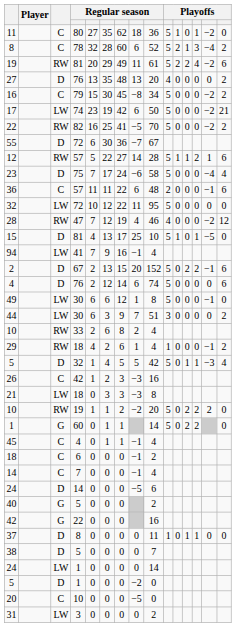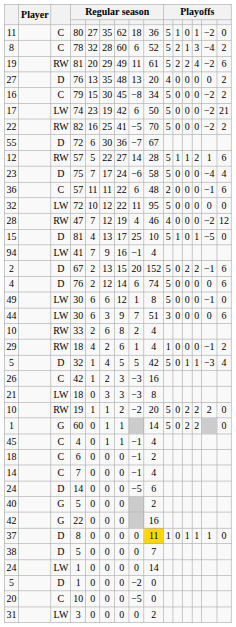 <table class="wikitable sortable plainrowheaders" style="text-align:center;">
 <tr>
 <th scope="col" data-sort-type="number" rowspan="2"></th>
 <th scope="col" rowspan="2">Player</th>
 <th scope="col" rowspan="2"></th>
 <th scope=colgroup colspan=6>Regular season</th>
 <th scope=colgroup colspan=6>Playoffs</th>
 </tr>
 <tr>
 <th scope="col" data-sort-type="number"></th>
 <th scope="col" data-sort-type="number"></th>
 <th scope="col" data-sort-type="number"></th>
 <th scope="col" data-sort-type="number"></th>
 <th scope="col" data-sort-type="number"></th>
 <th scope="col" data-sort-type="number"></th>
 <th scope="col" data-sort-type="number"></th>
 <th scope="col" data-sort-type="number"></th>
 <th scope="col" data-sort-type="number"></th>
 <th scope="col" data-sort-type="number"></th>
 <th scope="col" data-sort-type="number"></th>
 <th scope="col" data-sort-type="number"></th>
 </tr>
 <tr>
 <td scope="row">11</td>
 <td align="left"></td>
 <td>C</td>
 <td>80</td>
 <td>27</td>
 <td>35</td>
 <td>62</td>
 <td>18</td>
 <td>36</td>
 <td>5</td>
 <td>1</td>
 <td>0</td>
 <td>1</td>
 <td>−2</td>
 <td>0</td>
 </tr>
 <tr>
 <td scope="row">8</td>
 <td align="left"></td>
 <td>C</td>
 <td>78</td>
 <td>32</td>
 <td>28</td>
 <td>60</td>
 <td>6</td>
 <td>52</td>
 <td>5</td>
 <td>2</td>
 <td>1</td>
 <td>3</td>
 <td>−4</td>
 <td>2</td>
 </tr>
 <tr>
 <td scope="row">19</td>
 <td align="left"></td>
 <td>RW</td>
 <td>81</td>
 <td>20</td>
 <td>29</td>
 <td>49</td>
 <td>11</td>
 <td>61</td>
 <td>5</td>
 <td>2</td>
 <td>2</td>
 <td>4</td>
 <td>−2</td>
 <td>6</td>
 </tr>
 <tr>
 <td scope="row">27</td>
 <td align="left"></td>
 <td>D</td>
 <td>76</td>
 <td>13</td>
 <td>35</td>
 <td>48</td>
 <td>13</td>
 <td>20</td>
 <td>4</td>
 <td>0</td>
 <td>0</td>
 <td>0</td>
 <td>0</td>
 <td>2</td>
 </tr>
 <tr>
 <td scope="row">16</td>
 <td align="left"></td>
 <td>C</td>
 <td>79</td>
 <td>15</td>
 <td>30</td>
 <td>45</td>
 <td>−8</td>
 <td>34</td>
 <td>5</td>
 <td>0</td>
 <td>0</td>
 <td>0</td>
 <td>−2</td>
 <td>2</td>
 </tr>
 <tr>
 <td scope="row">17</td>
 <td align="left"></td>
 <td>LW</td>
 <td>74</td>
 <td>23</td>
 <td>19</td>
 <td>42</td>
 <td>6</td>
 <td>50</td>
 <td>5</td>
 <td>0</td>
 <td>0</td>
 <td>0</td>
 <td>−2</td>
 <td>21</td>
 </tr>
 <tr>
 <td scope="row">22</td>
 <td align="left"></td>
 <td>RW</td>
 <td>82</td>
 <td>16</td>
 <td>25</td>
 <td>41</td>
 <td>−5</td>
 <td>70</td>
 <td>5</td>
 <td>0</td>
 <td>0</td>
 <td>0</td>
 <td>−2</td>
 <td>2</td>
 </tr>
 <tr>
 <td scope="row">55</td>
 <td align="left"></td>
 <td>D</td>
 <td>72</td>
 <td>6</td>
 <td>30</td>
 <td>36</td>
 <td>−7</td>
 <td>67</td>
 <td></td>
 <td></td>
 <td></td>
 <td></td>
 <td></td>
 <td></td>
 </tr>
 <tr>
 <td scope="row">12</td>
 <td align="left"></td>
 <td>RW</td>
 <td>57</td>
 <td>5</td>
 <td>22</td>
 <td>27</td>
 <td>14</td>
 <td>28</td>
 <td>5</td>
 <td>1</td>
 <td>1</td>
 <td>2</td>
 <td>1</td>
 <td>6</td>
 </tr>
 <tr>
 <td scope="row">23</td>
 <td align="left"></td>
 <td>D</td>
 <td>75</td>
 <td>7</td>
 <td>17</td>
 <td>24</td>
 <td>−6</td>
 <td>58</td>
 <td>5</td>
 <td>0</td>
 <td>0</td>
 <td>0</td>
 <td>−4</td>
 <td>4</td>
 </tr>
 <tr>
 <td scope="row">36</td>
 <td align="left"></td>
 <td>C</td>
 <td>57</td>
 <td>11</td>
 <td>11</td>
 <td>22</td>
 <td>6</td>
 <td>48</td>
 <td>2</td>
 <td>0</td>
 <td>0</td>
 <td>0</td>
 <td>−1</td>
 <td>6</td>
 </tr>
 <tr>
 <td scope="row">32</td>
 <td align="left"></td>
 <td>LW</td>
 <td>72</td>
 <td>10</td>
 <td>12</td>
 <td>22</td>
 <td>11</td>
 <td>95</td>
 <td>5</td>
 <td>0</td>
 <td>0</td>
 <td>0</td>
 <td>0</td>
 <td>0</td>
 </tr>
 <tr>
 <td scope="row">28</td>
 <td align="left"></td>
 <td>RW</td>
 <td>47</td>
 <td>7</td>
 <td>12</td>
 <td>19</td>
 <td>4</td>
 <td>46</td>
 <td>4</td>
 <td>0</td>
 <td>0</td>
 <td>0</td>
 <td>−2</td>
 <td>12</td>
 </tr>
 <tr>
 <td scope="row">15</td>
 <td align="left"></td>
 <td>D</td>
 <td>81</td>
 <td>4</td>
 <td>13</td>
 <td>17</td>
 <td>25</td>
 <td>10</td>
 <td>5</td>
 <td>1</td>
 <td>0</td>
 <td>1</td>
 <td>−5</td>
 <td>0</td>
 </tr>
 <tr>
 <td scope="row">94</td>
 <td align="left"></td>
 <td>LW</td>
 <td>41</td>
 <td>7</td>
 <td>9</td>
 <td>16</td>
 <td>−1</td>
 <td>4</td>
 <td></td>
 <td></td>
 <td></td>
 <td></td>
 <td></td>
 <td></td>
 </tr>
 <tr>
 <td scope="row">2</td>
 <td align="left"></td>
 <td>D</td>
 <td>67</td>
 <td>2</td>
 <td>13</td>
 <td>15</td>
 <td>20</td>
 <td>152</td>
 <td>5</td>
 <td>0</td>
 <td>2</td>
 <td>2</td>
 <td>−1</td>
 <td>6</td>
 </tr>
 <tr>
 <td scope="row">4</td>
 <td align="left"></td>
 <td>D</td>
 <td>76</td>
 <td>2</td>
 <td>12</td>
 <td>14</td>
 <td>6</td>
 <td>74</td>
 <td>5</td>
 <td>0</td>
 <td>0</td>
 <td>0</td>
 <td>0</td>
 <td>6</td>
 </tr>
 <tr>
 <td scope="row">49</td>
 <td align="left"></td>
 <td>LW</td>
 <td>30</td>
 <td>6</td>
 <td>6</td>
 <td>12</td>
 <td>1</td>
 <td>8</td>
 <td>5</td>
 <td>0</td>
 <td>0</td>
 <td>0</td>
 <td>−1</td>
 <td>0</td>
 </tr>
 <tr>
 <td scope="row">44</td>
 <td align="left"></td>
 <td>LW</td>
 <td>30</td>
 <td>6</td>
 <td>3</td>
 <td>9</td>
 <td>7</td>
 <td>51</td>
 <td>3</td>
 <td>0</td>
 <td>0</td>
 <td>0</td>
 <td>0</td>
-<td>2</td>
+<td>6</td>
 </tr>
 <tr>
 <td scope="row">10</td>
 <td align="left"></td>
 <td>RW</td>
 <td>33</td>
 <td>2</td>
 <td>6</td>
 <td>8</td>
 <td>2</td>
 <td>4</td>
 <td></td>
 <td></td>
 <td></td>
 <td></td>
 <td></td>
 <td></td>
 </tr>
 <tr>
 <td scope="row">29</td>
 <td align="left"></td>
 <td>RW</td>
 <td>18</td>
 <td>4</td>
 <td>2</td>
 <td>6</td>
 <td>1</td>
 <td>4</td>
 <td>1</td>
 <td>0</td>
 <td>0</td>
 <td>0</td>
 <td>−1</td>
 <td>2</td>
 </tr>
 <tr>
 <td scope="row">5</td>
 <td align="left"></td>
 <td>D</td>
 <td>32</td>
 <td>1</td>
 <td>4</td>
 <td>5</td>
 <td>5</td>
 <td>42</td>
 <td>5</td>
 <td>0</td>
 <td>1</td>
 <td>1</td>
 <td>−3</td>
 <td>4</td>
 </tr>
 <tr>
 <td scope="row">26</td>
 <td align="left"></td>
 <td>C</td>
 <td>42</td>
 <td>1</td>
 <td>2</td>
 <td>3</td>
 <td>−3</td>
 <td>16</td>
 <td></td>
 <td></td>
 <td></td>
 <td></td>
 <td></td>
 <td></td>
 </tr>
 <tr>
 <td scope="row">21</td>
 <td align="left"></td>
 <td>LW</td>
 <td>18</td>
 <td>0</td>
 <td>3</td>
 <td>3</td>
 <td>−3</td>
 <td>8</td>
 <td></td>
 <td></td>
 <td></td>
 <td></td>
 <td></td>
 <td></td>
 </tr>
 <tr>
 <td scope="row">10</td>
 <td align="left"></td>
 <td>RW</td>
 <td>19</td>
 <td>1</td>
 <td>1</td>
 <td>2</td>
 <td>−2</td>
 <td>20</td>
 <td>5</td>
 <td>0</td>
 <td>2</td>
 <td>2</td>
 <td>2</td>
 <td>0</td>
 </tr>
 <tr>
 <td scope="row">1</td>
 <td align="left"></td>
 <td>G</td>
 <td>60</td>
 <td>0</td>
 <td>1</td>
 <td>1</td>
 <td style="background:#ccc"></td>
 <td>14</td>
 <td>5</td>
 <td>0</td>
 <td>2</td>
 <td>2</td>
 <td style="background:#ccc"></td>
 <td>0</td>
 </tr>
 <tr>
 <td scope="row">45</td>
 <td align="left"></td>
 <td>C</td>
 <td>4</td>
 <td>0</td>
 <td>1</td>
 <td>1</td>
 <td>−1</td>
 <td>4</td>
 <td></td>
 <td></td>
 <td></td>
 <td></td>
 <td></td>
 <td></td>
 </tr>
 <tr>
 <td scope="row">18</td>
 <td align="left"></td>
 <td>C</td>
 <td>6</td>
 <td>0</td>
 <td>0</td>
 <td>0</td>
 <td>−1</td>
 <td>2</td>
 <td></td>
 <td></td>
 <td></td>
 <td></td>
 <td></td>
 <td></td>
 </tr>
 <tr>
 <td scope="row">14</td>
 <td align="left"></td>
 <td>C</td>
 <td>7</td>
 <td>0</td>
 <td>0</td>
 <td>0</td>
 <td>−1</td>
 <td>4</td>
 <td></td>
 <td></td>
 <td></td>
 <td></td>
 <td></td>
 <td></td>
 </tr>
 <tr>
 <td scope="row">24</td>
 <td align="left"></td>
 <td>D</td>
 <td>14</td>
 <td>0</td>
 <td>0</td>
 <td>0</td>
 <td>−5</td>
 <td>6</td>
 <td></td>
 <td></td>
 <td></td>
 <td></td>
 <td></td>
 <td></td>
 </tr>
 <tr>
 <td scope="row">40</td>
 <td align="left"></td>
 <td>G</td>
 <td>5</td>
 <td>0</td>
 <td>0</td>
 <td>0</td>
 <td style="background:#ccc"></td>
 <td>2</td>
 <td></td>
 <td></td>
 <td></td>
 <td></td>
 <td></td>
 <td></td>
 </tr>
 <tr>
 <td scope="row">42</td>
 <td align="left"></td>
 <td>G</td>
 <td>22</td>
 <td>0</td>
 <td>0</td>
 <td>0</td>
 <td style="background:#ccc"></td>
 <td>16</td>
 <td></td>
 <td></td>
 <td></td>
 <td></td>
 <td></td>
 <td></td>
 </tr>
 <tr>
 <td scope="row">37</td>
 <td align="left"></td>
 <td>D</td>
 <td>8</td>
 <td>0</td>
 <td>0</td>
 <td>0</td>
 <td>0</td>
-<td>11</td>
+<td style="background: gold;">11</td>
 <td>1</td>
 <td>0</td>
 <td>1</td>
 <td>1</td>
-<td>0</td>
+<td>1</td>
 <td>0</td>
 </tr>
 <tr>
 <td scope="row">38</td>
 <td align="left"></td>
 <td>D</td>
 <td>5</td>
 <td>0</td>
 <td>0</td>
 <td>0</td>
 <td>0</td>
 <td>7</td>
 <td></td>
 <td></td>
 <td></td>
 <td></td>
 <td></td>
 <td></td>
 </tr>
 <tr>
 <td scope="row">24</td>
 <td align="left"></td>
 <td>LW</td>
 <td>1</td>
 <td>0</td>
 <td>0</td>
 <td>0</td>
 <td>0</td>
 <td>14</td>
 <td></td>
 <td></td>
 <td></td>
 <td></td>
 <td></td>
 <td></td>
 </tr>
 <tr>
 <td scope="row">5</td>
 <td align="left"></td>
 <td>D</td>
 <td>1</td>
 <td>0</td>
 <td>0</td>
 <td>0</td>
 <td>−2</td>
 <td>0</td>
 <td></td>
 <td></td>
 <td></td>
 <td></td>
 <td></td>
 <td></td>
 </tr>
 <tr>
 <td scope="row">20</td>
 <td align="left"></td>
 <td>C</td>
 <td>10</td>
 <td>0</td>
 <td>0</td>
 <td>0</td>
 <td>−5</td>
 <td>0</td>
 <td></td>
 <td></td>
 <td></td>
 <td></td>
 <td></td>
 <td></td>
 </tr>
 <tr>
 <td scope="row">31</td>
 <td align="left"></td>
 <td>LW</td>
 <td>3</td>
 <td>0</td>
 <td>0</td>
 <td>0</td>
 <td>0</td>
 <td>2</td>
 <td></td>
 <td></td>
 <td></td>
 <td></td>
 <td></td>
 <td></td>
 </tr>
 </table>
